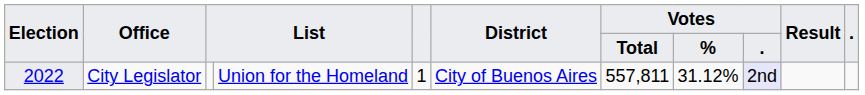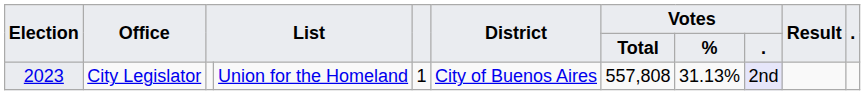 <table class="wikitable" style="font-size:90%; text-align:center;">
 <tr>
 <th style="background-color:#EAECF0;" rowspan=2>Election</th>
 <th style="background-color:#EAECF0;" rowspan=2>Office</th>
 <th style="background-color:#EAECF0;" colspan=2 rowspan=2>List</th>
 <th style="background-color:#EAECF0;" rowspan=2></th>
 <th style="background-color:#EAECF0;" rowspan=2>District</th>
 <th style="background-color:#EAECF0;" colspan=3>Votes</th>
 <th style="background-color:#EAECF0;" rowspan=2>Result</th>
 <th style="background-color:#EAECF0;" rowspan=2>.</th>
 </tr>
 <tr>
 <th style="background-color:#EAECF0;">Total</th>
 <th style="background-color:#EAECF0;">%</th>
 <th style="background-color:#EAECF0;">.</th>
 </tr>
 <tr>
-<td style="background-color:#EAECF0;"><a href='#'>2022</a></td>
+<td style="background-color:#EAECF0;"><a href='#'>2023</a></td>
 <td><a href='#'>City Legislator</a></td>
 <td style="background-color:"></td>
 <td><a href='#'>Union for the Homeland</a></td>
 <td>1</td>
 <td><a href='#'>City of Buenos Aires</a></td>
-<td>557,811</td>
-<td>31.12%</td>
+<td>557,808</td>
+<td>31.13%</td>
 <td style="background: lavender;">2nd</td>
 <td></td>
 <td></td>
 </tr>
 </table>
